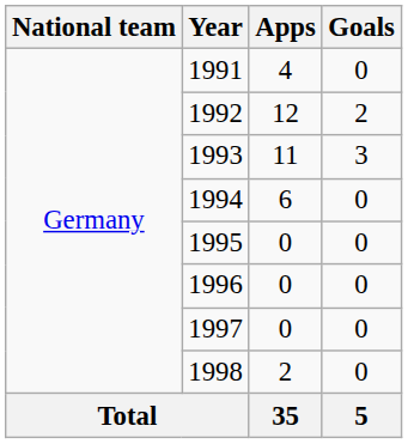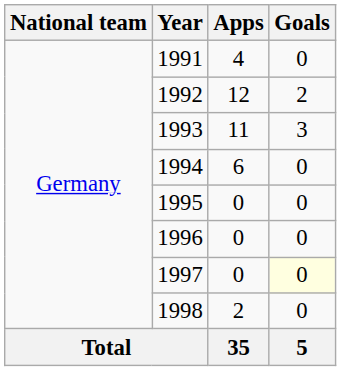 <table class="wikitable" style="text-align:center">
 <tr>
 <th>National team</th>
 <th>Year</th>
 <th>Apps</th>
 <th>Goals</th>
 </tr>
 <tr>
 <td rowspan="8"><a href='#'>Germany</a></td>
 <td>1991</td>
 <td>4</td>
 <td>0</td>
 </tr>
 <tr>
 <td>1992</td>
 <td>12</td>
 <td>2</td>
 </tr>
 <tr>
 <td>1993</td>
 <td>11</td>
 <td>3</td>
 </tr>
 <tr>
 <td>1994</td>
 <td>6</td>
 <td>0</td>
 </tr>
 <tr>
 <td>1995</td>
 <td>0</td>
 <td>0</td>
 </tr>
 <tr>
 <td>1996</td>
 <td>0</td>
 <td>0</td>
 </tr>
 <tr>
 <td>1997</td>
 <td>0</td>
-<td>0</td>
+<td style="background: lightyellow;">0</td>
 </tr>
 <tr>
 <td>1998</td>
 <td>2</td>
 <td>0</td>
 </tr>
 <tr>
 <th colspan="2">Total</th>
 <th>35</th>
 <th>5</th>
 </tr>
 </table>
